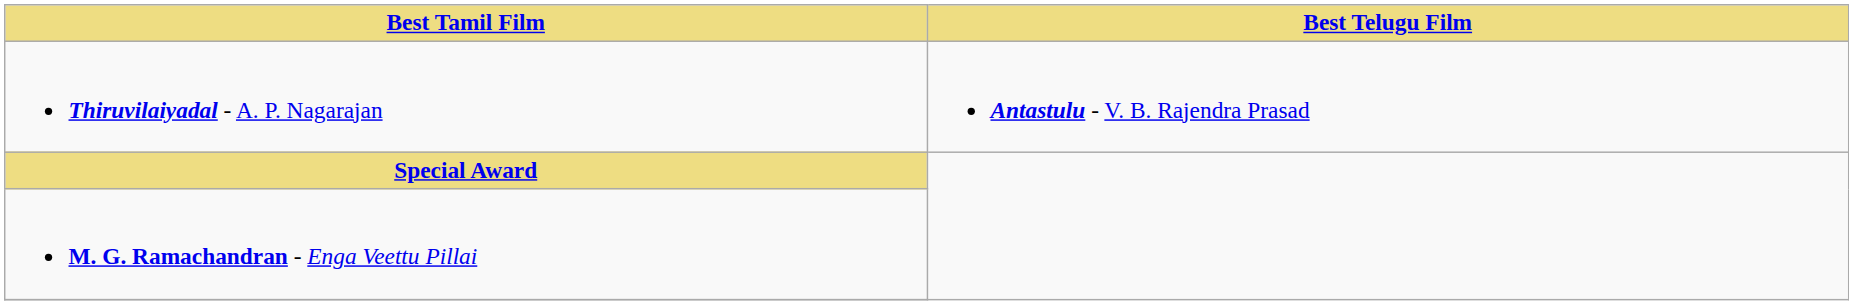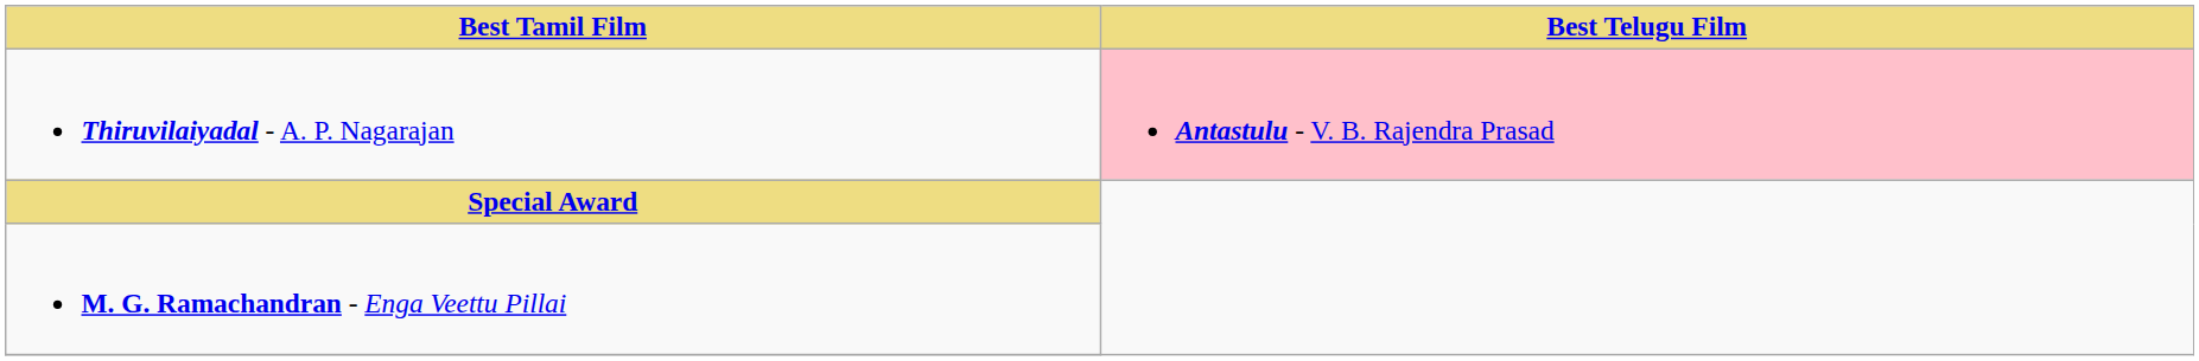 <table class="wikitable" width=100% |>
 <tr>
 <th !  style="background:#eedd82; text-align:center; width:50%;"><a href='#'>Best Tamil Film</a></th>
 <th !  style="background:#eedd82; text-align:center; width:50%;"><a href='#'>Best Telugu Film</a></th>
 </tr>
 <tr>
 <td valign="top"><br><ul><li><strong><em><a href='#'>Thiruvilaiyadal</a></em></strong> - <a href='#'>A. P. Nagarajan</a></li></ul></td>
-<td valign="top"><br><ul><li><strong><em><a href='#'>Antastulu</a></em></strong> - <a href='#'>V. B. Rajendra Prasad</a></li></ul></td>
+<td valign="top" style="background: pink;"><br><ul><li><strong><em><a href='#'>Antastulu</a></em></strong> - <a href='#'>V. B. Rajendra Prasad</a></li></ul></td>
 </tr>
 <tr>
 <th !  style="background:#eedd82; text-align:center; width:50%;"><a href='#'>Special Award</a></th>
 </tr>
 <tr>
 <td valign="top"><br><ul><li><strong><a href='#'>M. G. Ramachandran</a></strong> - <em><a href='#'>Enga Veettu Pillai</a></em></li></ul></td>
 </tr>
 <tr>
 </tr>
 </table>
